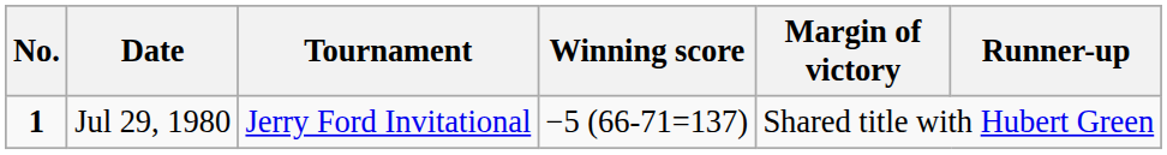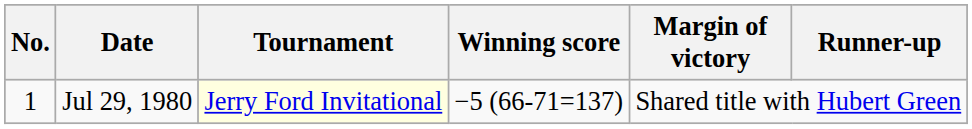 <table class="wikitable" style="font-size:95%;">
 <tr>
 <th>No.</th>
 <th>Date</th>
 <th>Tournament</th>
 <th>Winning score</th>
 <th>Margin of<br>victory</th>
 <th>Runner-up</th>
 </tr>
 <tr>
-<td align=center><strong>1</strong></td>
+<td align=center>1</td>
 <td align=right>Jul 29, 1980</td>
-<td><a href='#'>Jerry Ford Invitational</a></td>
+<td style="background: lightyellow;"><a href='#'>Jerry Ford Invitational</a></td>
 <td>−5 (66-71=137)</td>
 <td colspan=2>Shared title with  <a href='#'>Hubert Green</a></td>
 </tr>
 </table>
